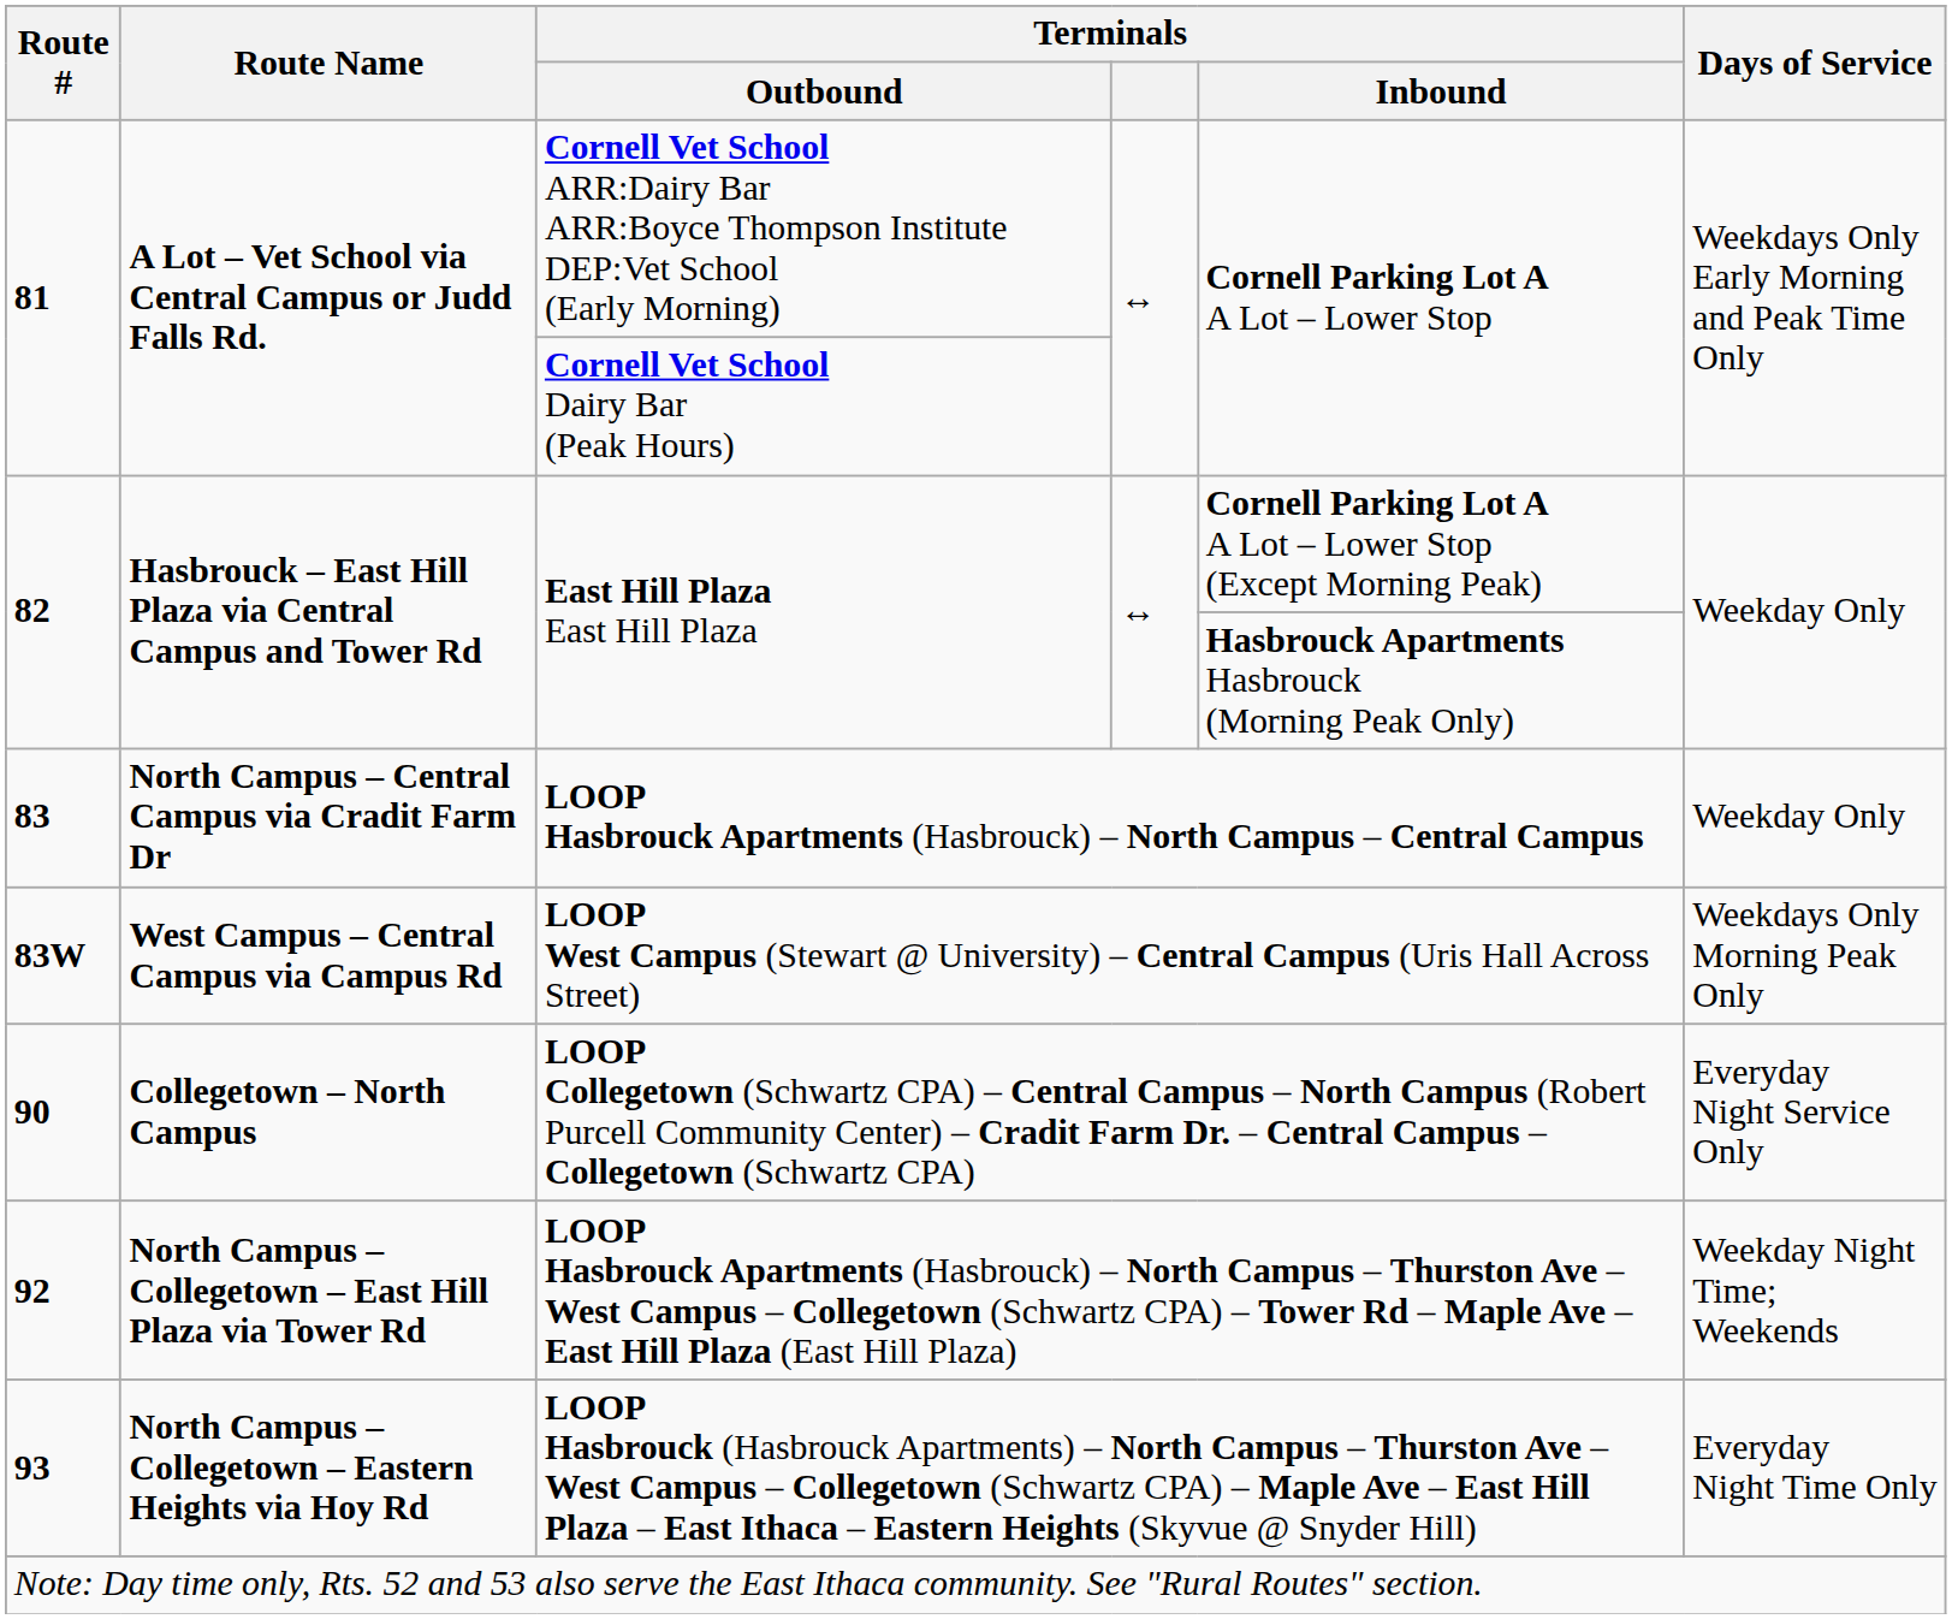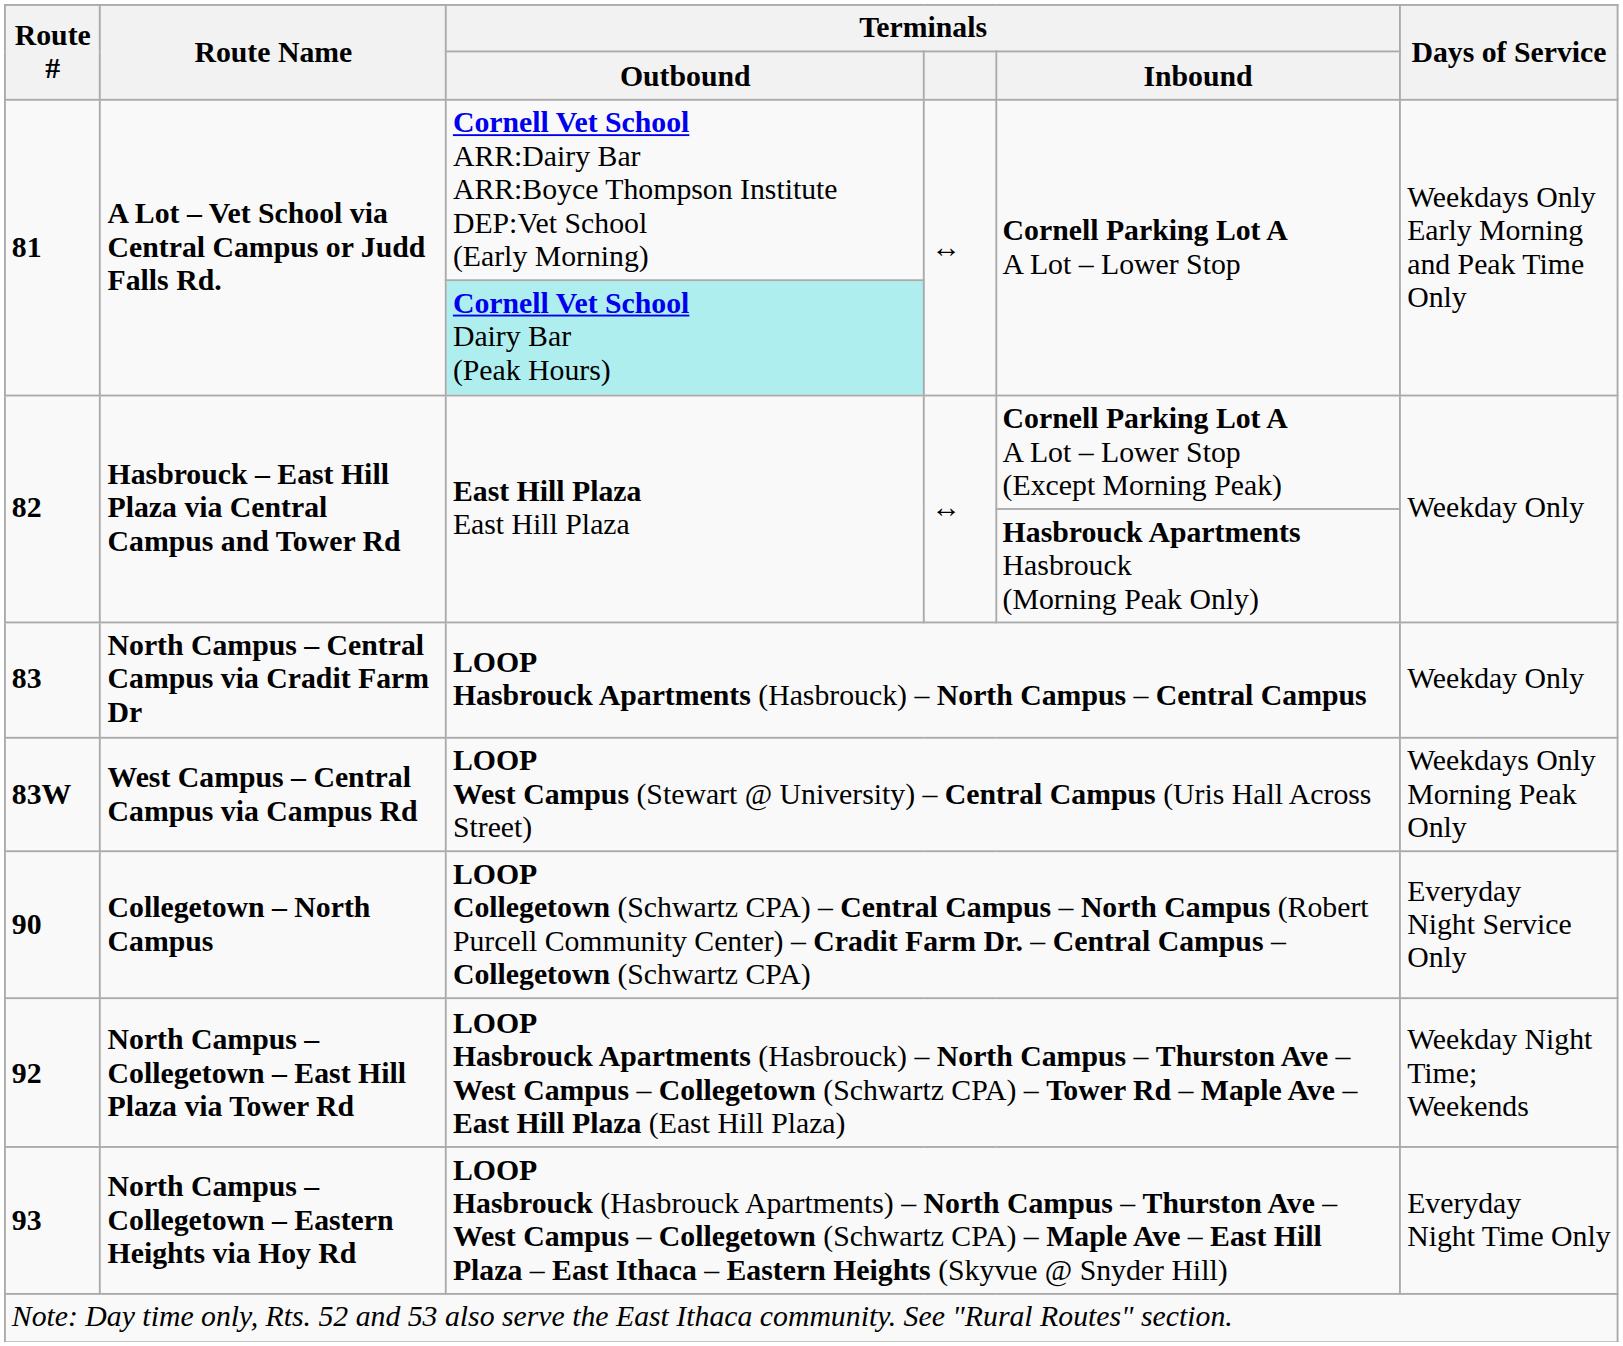 <table class="wikitable">
 <tr>
 <th rowspan="2">Route #</th>
 <th rowspan="2">Route Name</th>
 <th colspan="3">Terminals</th>
 <th rowspan="2">Days of Service</th>
 </tr>
 <tr>
 <th>Outbound</th>
 <th></th>
 <th>Inbound</th>
 </tr>
 <tr>
 <td rowspan="2"><strong>81</strong></td>
 <td rowspan="2"><strong>A Lot – Vet School via Central Campus or Judd Falls Rd.</strong></td>
 <td><strong><a href='#'>Cornell Vet School</a></strong><br>ARR:Dairy Bar<br>ARR:Boyce Thompson Institute<br>DEP:Vet School<br>(Early Morning)</td>
 <td rowspan="2">↔</td>
 <td rowspan="2"><strong>Cornell Parking Lot A</strong><br>A Lot – Lower Stop</td>
 <td rowspan="2">Weekdays Only<br>Early Morning and Peak Time Only</td>
 </tr>
 <tr>
-<td><strong><a href='#'>Cornell Vet School</a></strong><br>Dairy Bar<br>(Peak Hours)</td>
+<td style="background: paleturquoise;"><strong><a href='#'>Cornell Vet School</a></strong><br>Dairy Bar<br>(Peak Hours)</td>
 </tr>
 <tr>
 <td rowspan="2"><strong>82</strong></td>
 <td rowspan="2"><strong>Hasbrouck – East Hill Plaza via Central Campus and Tower Rd</strong></td>
 <td rowspan="2"><strong>East Hill Plaza</strong><br>East Hill Plaza</td>
 <td rowspan="2">↔</td>
 <td><strong>Cornell Parking Lot A</strong><br>A Lot – Lower Stop<br>(Except Morning Peak)</td>
 <td rowspan="2">Weekday Only</td>
 </tr>
 <tr>
 <td><strong>Hasbrouck Apartments</strong><br>Hasbrouck<br>(Morning Peak Only)</td>
 </tr>
 <tr>
 <td><strong>83</strong></td>
 <td><strong>North Campus – Central Campus via Cradit Farm Dr</strong></td>
 <td colspan="3"><strong>LOOP</strong><br><strong>Hasbrouck Apartments</strong> (Hasbrouck) – <strong>North Campus</strong> – <strong>Central Campus</strong></td>
 <td>Weekday Only</td>
 </tr>
 <tr>
 <td><strong>83W</strong></td>
 <td><strong>West Campus – Central Campus via Campus Rd</strong></td>
 <td colspan="3"><strong>LOOP</strong><br><strong>West Campus</strong> (Stewart @ University) – <strong>Central Campus</strong> (Uris Hall Across Street)</td>
 <td>Weekdays Only<br>Morning Peak Only</td>
 </tr>
 <tr>
 <td><strong>90</strong></td>
 <td><strong>Collegetown – North Campus</strong></td>
 <td colspan="3"><strong>LOOP</strong><br><strong>Collegetown</strong> (Schwartz CPA) – <strong>Central Campus</strong> – <strong>North Campus</strong> (Robert Purcell Community Center) – <strong>Cradit Farm Dr.</strong> – <strong>Central Campus</strong> – <strong>Collegetown</strong> (Schwartz CPA)</td>
 <td>Everyday<br>Night Service Only</td>
 </tr>
 <tr>
 <td><strong>92</strong></td>
 <td><strong>North Campus – Collegetown – East Hill Plaza via Tower Rd</strong></td>
 <td colspan="3"><strong>LOOP</strong><br><strong>Hasbrouck Apartments</strong> (Hasbrouck) – <strong>North Campus</strong> – <strong>Thurston Ave</strong> – <strong>West Campus</strong> – <strong>Collegetown</strong> (Schwartz CPA) – <strong>Tower Rd</strong> – <strong>Maple Ave</strong> – <strong>East Hill Plaza</strong> (East Hill Plaza)</td>
 <td>Weekday Night Time;<br>Weekends</td>
 </tr>
 <tr>
 <td><strong>93</strong></td>
 <td><strong>North Campus – Collegetown – Eastern Heights via Hoy Rd</strong></td>
 <td colspan="3"><strong>LOOP</strong><br><strong>Hasbrouck</strong> (Hasbrouck Apartments) – <strong>North Campus</strong> – <strong>Thurston Ave</strong> – <strong>West Campus</strong> – <strong>Collegetown</strong> (Schwartz CPA) – <strong>Maple Ave</strong> – <strong>East Hill Plaza</strong> – <strong>East Ithaca</strong> – <strong>Eastern Heights</strong> (Skyvue @ Snyder Hill)</td>
 <td>Everyday<br>Night Time Only</td>
 </tr>
 <tr>
 <td colspan="6"><em>Note: Day time only, Rts. 52 and 53 also serve the East Ithaca community. See "Rural Routes" section.</em></td>
 </tr>
 </table>
